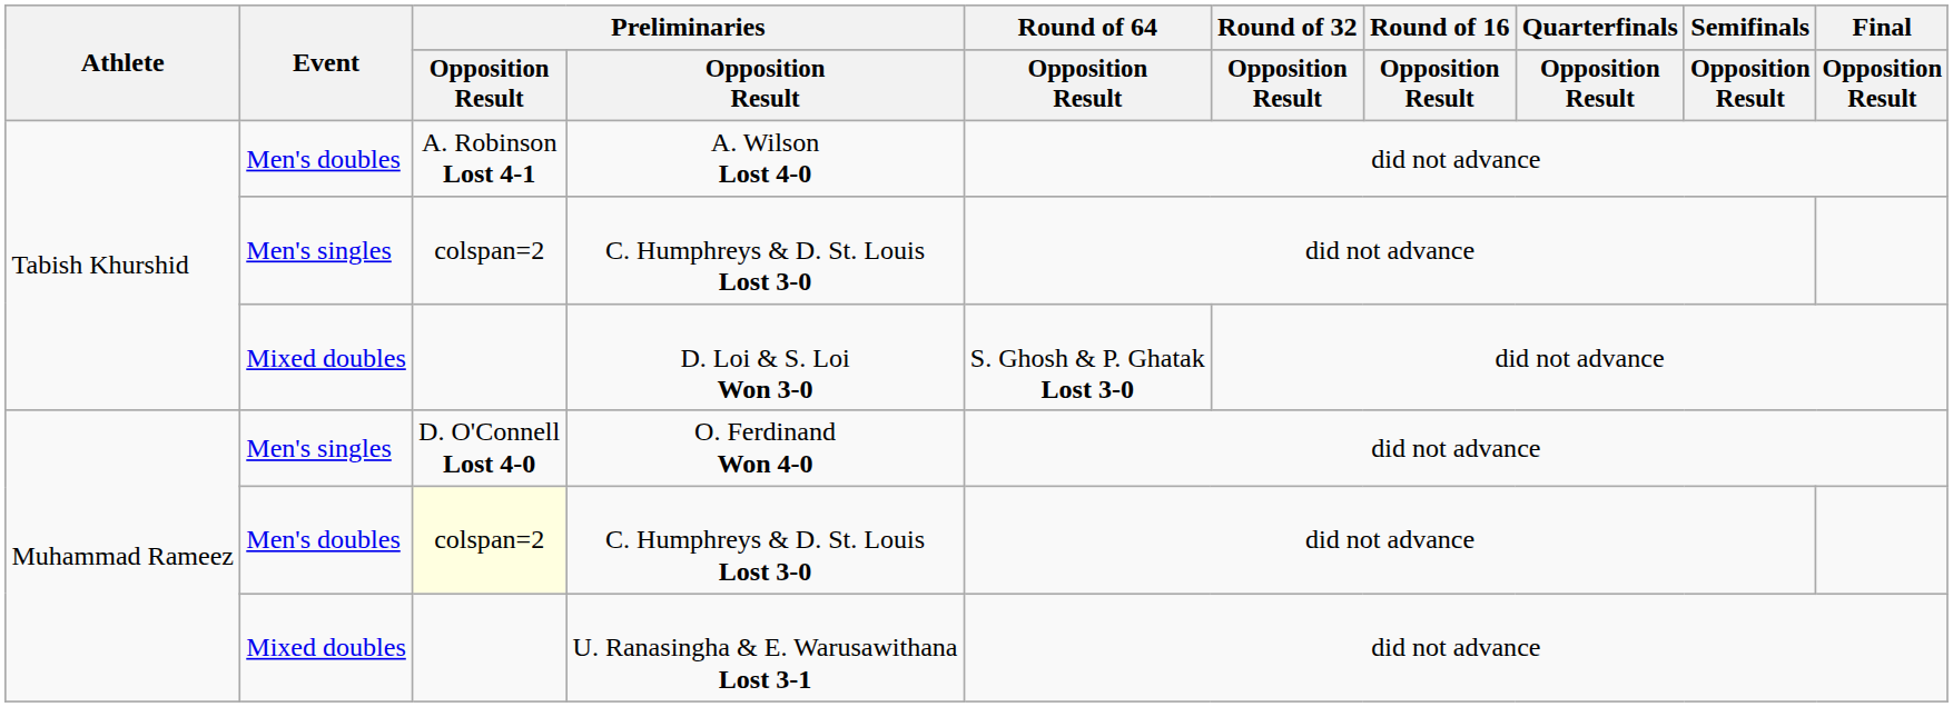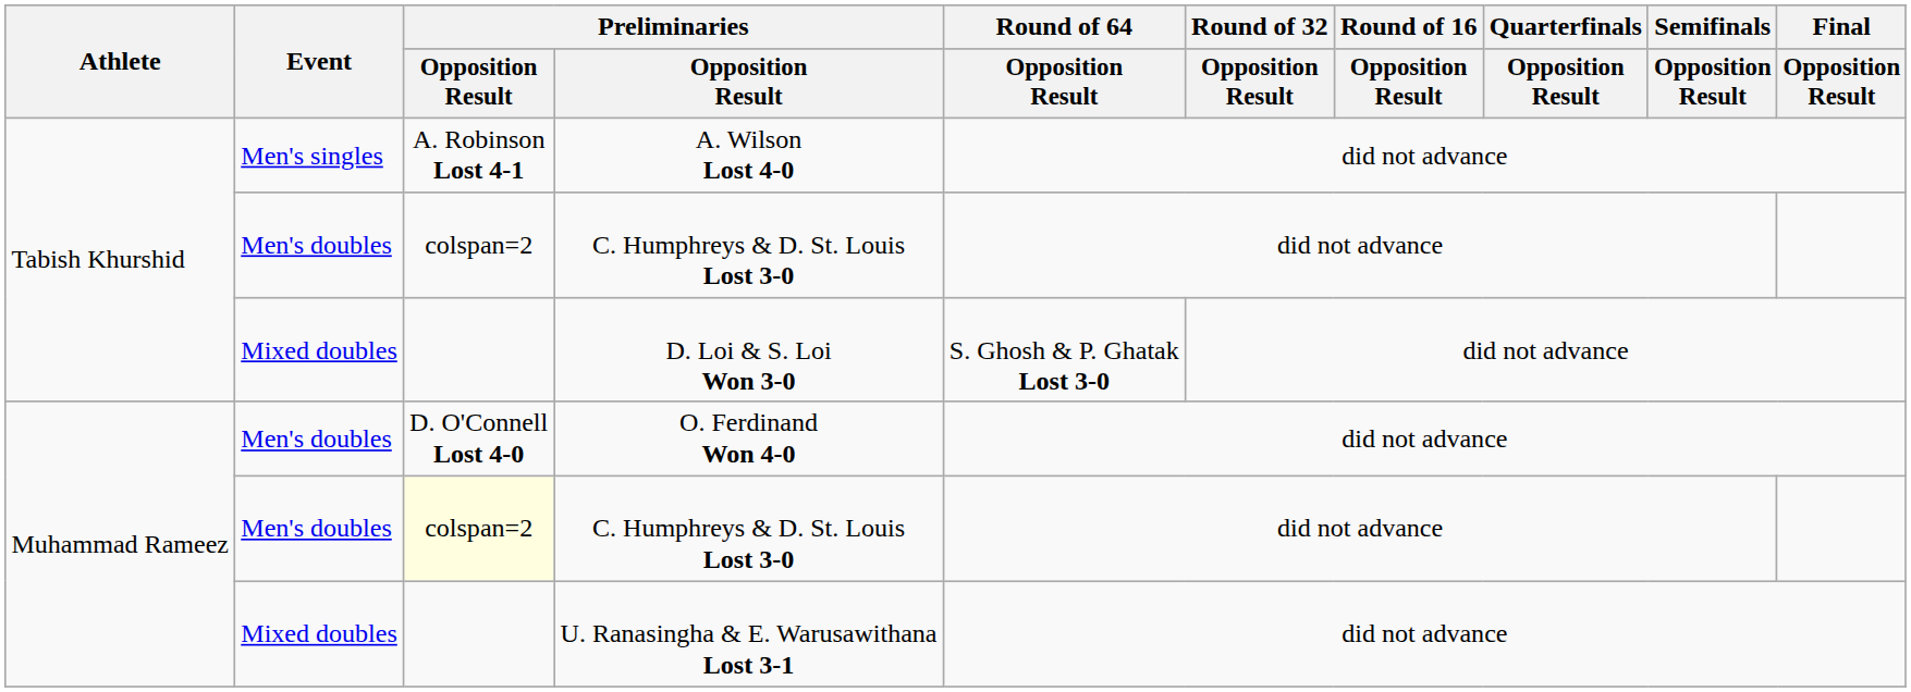 <table class="wikitable" style="font-size:90%">
 <tr>
 <th rowspan=2>Athlete</th>
 <th rowspan=2>Event</th>
 <th colspan=2>Preliminaries</th>
 <th>Round of 64</th>
 <th>Round of 32</th>
 <th>Round of 16</th>
 <th>Quarterfinals</th>
 <th>Semifinals</th>
 <th colspan=2>Final</th>
 </tr>
 <tr style="font-size:95%">
 <th>Opposition<br>Result</th>
 <th>Opposition<br>Result</th>
 <th>Opposition<br>Result</th>
 <th>Opposition<br>Result</th>
 <th>Opposition<br>Result</th>
 <th>Opposition<br>Result</th>
 <th>Opposition<br>Result</th>
 <th>Opposition<br>Result</th>
 </tr>
 <tr align=center>
 <td align=left rowspan=3>Tabish Khurshid</td>
-<td align=left><a href='#'>Men's doubles</a></td>
+<td align=left><a href='#'>Men's singles</a></td>
 <td> A. Robinson<br><strong>Lost 4-1</strong></td>
 <td> A. Wilson<br><strong>Lost 4-0</strong></td>
 <td colspan=6>did not advance</td>
 </tr>
 <tr align=center>
-<td align=left><a href='#'>Men's singles</a></td>
+<td align=left><a href='#'>Men's doubles</a></td>
 <td>colspan=2 </td>
 <td><br>C. Humphreys & D. St. Louis<br><strong>Lost 3-0</strong></td>
 <td colspan=5>did not advance</td>
 </tr>
 <tr align=center>
 <td align=left><a href='#'>Mixed doubles</a></td>
 <td></td>
 <td><br>D. Loi & S. Loi<br><strong>Won 3-0</strong></td>
 <td><br>S. Ghosh & P. Ghatak<br><strong>Lost 3-0</strong></td>
 <td colspan=5>did not advance</td>
 </tr>
 <tr align=center>
 <td align=left rowspan=3>Muhammad Rameez</td>
-<td align=left><a href='#'>Men's singles</a></td>
+<td align=left><a href='#'>Men's doubles</a></td>
 <td> D. O'Connell<br><strong>Lost 4-0</strong></td>
 <td> O. Ferdinand<br><strong>Won 4-0</strong></td>
 <td colspan=6>did not advance</td>
 </tr>
 <tr align=center>
 <td align=left><a href='#'>Men's doubles</a></td>
 <td style="background: lightyellow;">colspan=2 </td>
 <td><br>C. Humphreys & D. St. Louis<br><strong>Lost 3-0</strong></td>
 <td colspan=5>did not advance</td>
 </tr>
 <tr align=center>
 <td align=left><a href='#'>Mixed doubles</a></td>
 <td></td>
 <td><br>U. Ranasingha &  E. Warusawithana<br><strong>Lost 3-1</strong></td>
 <td colspan=6>did not advance</td>
 </tr>
 </table>
